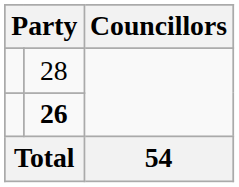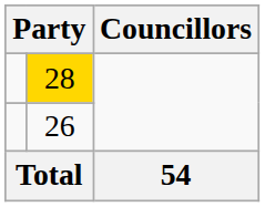 <table class="wikitable">
 <tr>
 <th colspan=2>Party</th>
 <th>Councillors</th>
 </tr>
 <tr>
 <td></td>
-<td align=center>28</td>
+<td align=center style="background: gold;">28</td>
 </tr>
 <tr>
 <td></td>
-<td align=center><strong>26</strong></td>
+<td align=center>26</td>
 </tr>
 <tr>
 <th colspan=2>Total</th>
 <th align=center>54</th>
 </tr>
 </table>
